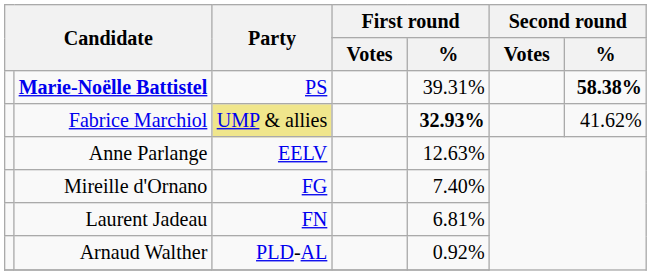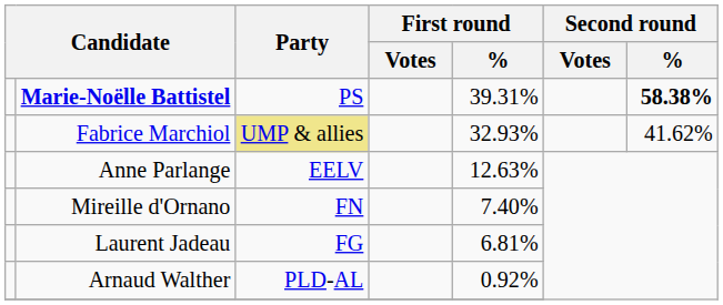 <table class="wikitable" style="text-align:right;font-size:95%;">
 <tr>
 <th rowspan=2 colspan=2>Candidate</th>
 <th rowspan=2 colspan=1>Party</th>
 <th colspan=2>First round</th>
 <th colspan=2>Second round</th>
 </tr>
 <tr>
 <th style="width:50px;">Votes</th>
 <th style="width:55px;">%</th>
 <th style="width:50px;">Votes</th>
 <th style="width:55px;">%</th>
 </tr>
 <tr>
 <td style="color:inherit;background-color:"></td>
 <td><strong><a href='#'>Marie-Noëlle Battistel</a></strong></td>
 <td><a href='#'>PS</a></td>
 <td></td>
 <td>39.31%</td>
 <td><strong></strong></td>
 <td><strong>58.38%</strong></td>
 </tr>
 <tr>
 <td style="color:inherit;background-color:"></td>
 <td><a href='#'>Fabrice Marchiol</a></td>
 <td style="background: khaki;"><a href='#'>UMP</a> & allies</td>
 <td></td>
-<td><strong>32.93%</strong></td>
+<td>32.93%</td>
 <td></td>
 <td>41.62%</td>
 </tr>
 <tr>
 <td style="color:inherit;background-color:"></td>
 <td>Anne Parlange</td>
 <td><a href='#'>EELV</a></td>
 <td></td>
 <td>12.63%</td>
 </tr>
 <tr>
 <td style="color:inherit;background-color:"></td>
 <td>Mireille d'Ornano</td>
-<td><a href='#'>FG</a></td>
+<td><a href='#'>FN</a></td>
 <td></td>
 <td>7.40%</td>
 </tr>
 <tr>
 <td style="color:inherit;background-color:"></td>
 <td>Laurent Jadeau</td>
-<td><a href='#'>FN</a></td>
+<td><a href='#'>FG</a></td>
 <td></td>
 <td>6.81%</td>
 </tr>
 <tr>
 <td style="color:inherit;background-color:"></td>
 <td>Arnaud Walther</td>
 <td><a href='#'>PLD</a>-<a href='#'>AL</a></td>
 <td></td>
 <td>0.92%</td>
 </tr>
 <tr>
 </tr>
 </table>
